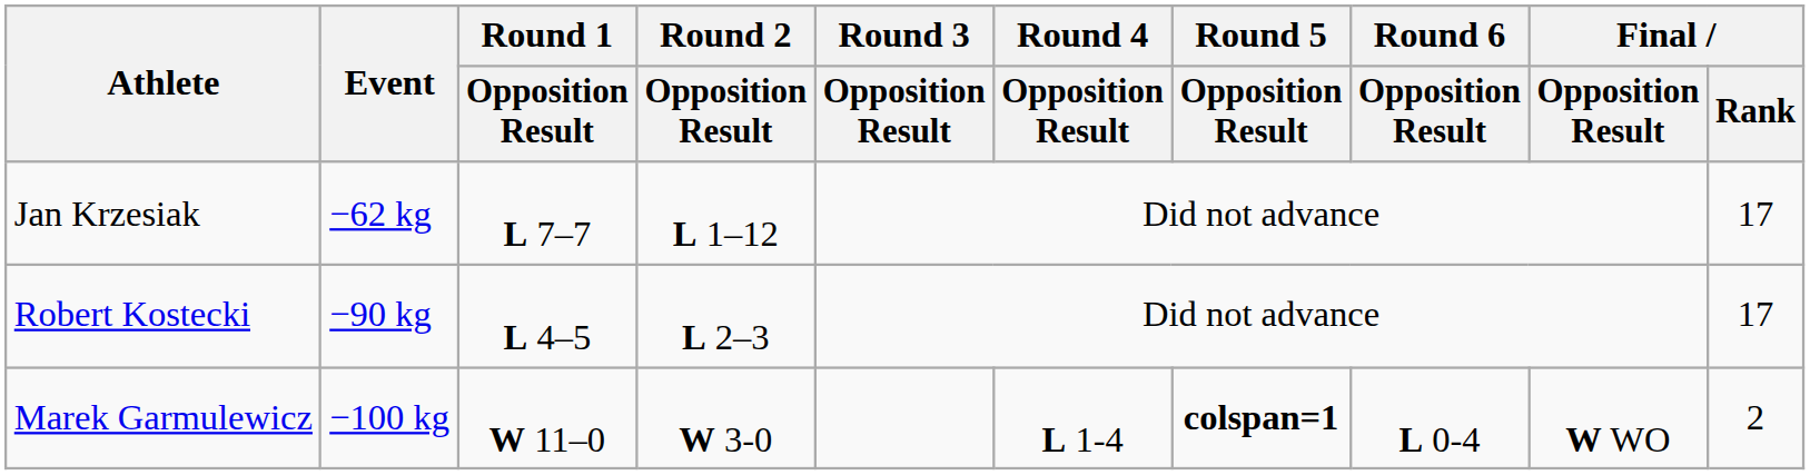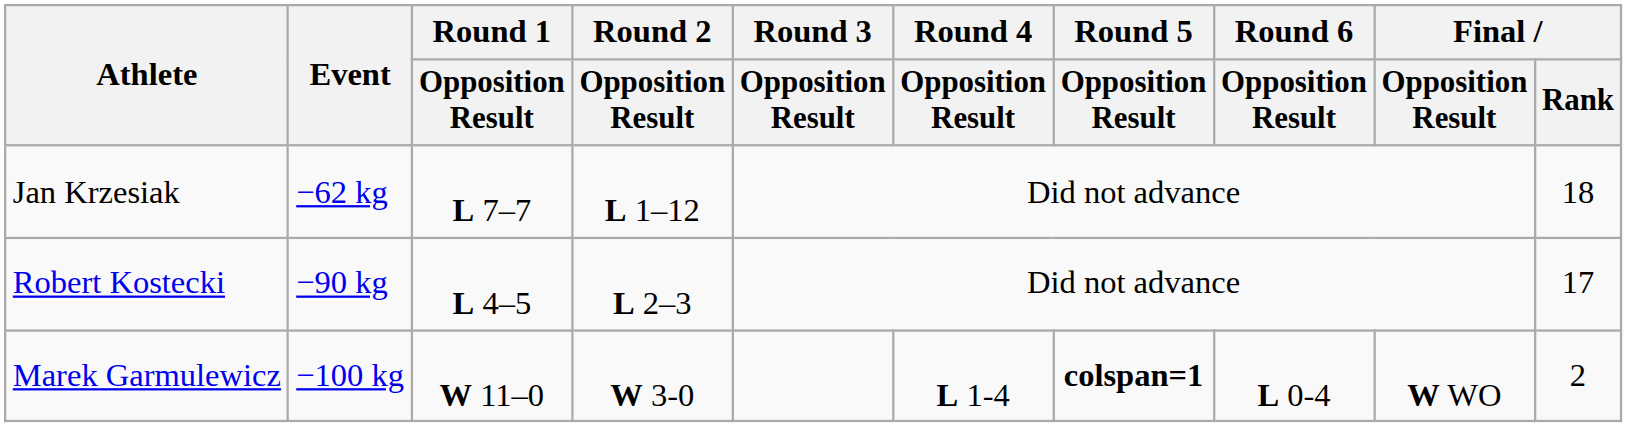 <table class="wikitable" style="font-size:90%">
 <tr>
 <th rowspan="2">Athlete</th>
 <th rowspan="2">Event</th>
 <th>Round 1</th>
 <th>Round 2</th>
 <th>Round 3</th>
 <th>Round 4</th>
 <th>Round 5</th>
 <th>Round 6</th>
 <th colspan=2>Final / </th>
 </tr>
 <tr style="font-size: 95%">
 <th>Opposition<br>Result</th>
 <th>Opposition<br>Result</th>
 <th>Opposition<br>Result</th>
 <th>Opposition<br>Result</th>
 <th>Opposition<br>Result</th>
 <th>Opposition<br>Result</th>
 <th>Opposition<br>Result</th>
 <th>Rank</th>
 </tr>
 <tr align=center>
 <td align=left>Jan Krzesiak</td>
 <td align=left><a href='#'>−62 kg</a></td>
 <td><br><strong>L</strong> 7–7</td>
 <td><br><strong>L</strong> 1–12</td>
 <td colspan=5>Did not advance</td>
-<td>17</td>
+<td>18</td>
 </tr>
 <tr align=center>
 <td align=left><a href='#'>Robert Kostecki</a></td>
 <td align=left><a href='#'>−90 kg</a></td>
 <td><br><strong>L</strong> 4–5</td>
 <td><br><strong>L</strong> 2–3</td>
 <td colspan=5>Did not advance</td>
 <td>17</td>
 </tr>
 <tr align=center>
 <td align=left><a href='#'>Marek Garmulewicz</a></td>
 <td align=left><a href='#'>−100 kg</a></td>
 <td><br><strong>W</strong> 11–0</td>
 <td><br><strong>W</strong> 3-0</td>
 <td></td>
 <td><br><strong>L</strong> 1-4</td>
 <td><strong>colspan=1 </strong></td>
 <td><br><strong>L</strong> 0-4</td>
 <td><br><strong>W</strong> WO</td>
 <td>2</td>
 </tr>
 </table>
